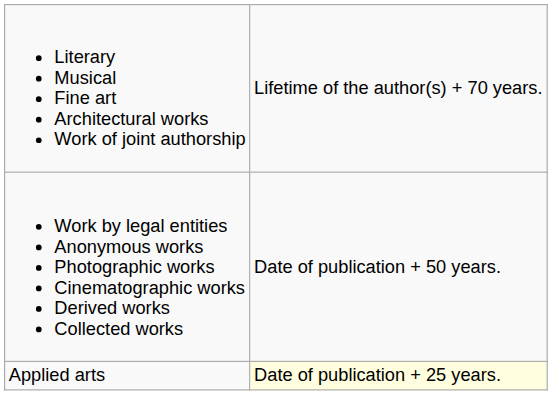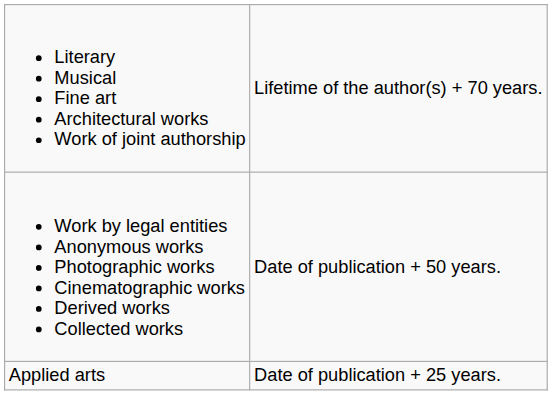 <table class="wikitable">
 <tr>
 <td><br><ul><li>Literary</li><li>Musical</li><li>Fine art</li><li>Architectural works</li><li>Work of joint authorship</li></ul></td>
 <td>Lifetime of the author(s) + 70 years.</td>
 </tr>
 <tr>
 <td><br><ul><li>Work by legal entities</li><li>Anonymous works</li><li>Photographic works</li><li>Cinematographic works</li><li>Derived works</li><li>Collected works</li></ul></td>
 <td>Date of publication + 50 years.</td>
 </tr>
 <tr>
 <td>Applied arts</td>
-<td style="background: lightyellow;">Date of publication + 25 years.</td>
+<td>Date of publication + 25 years.</td>
 </tr>
 </table>
